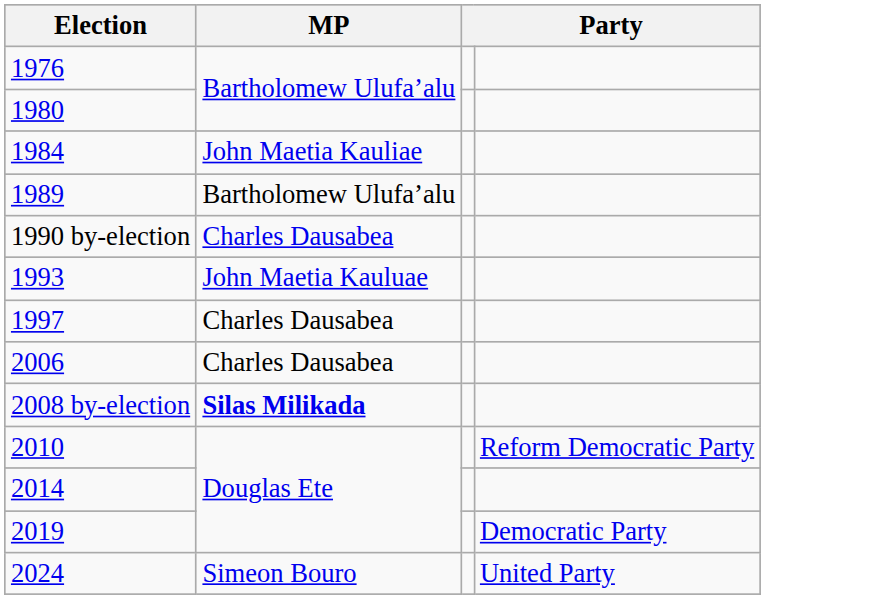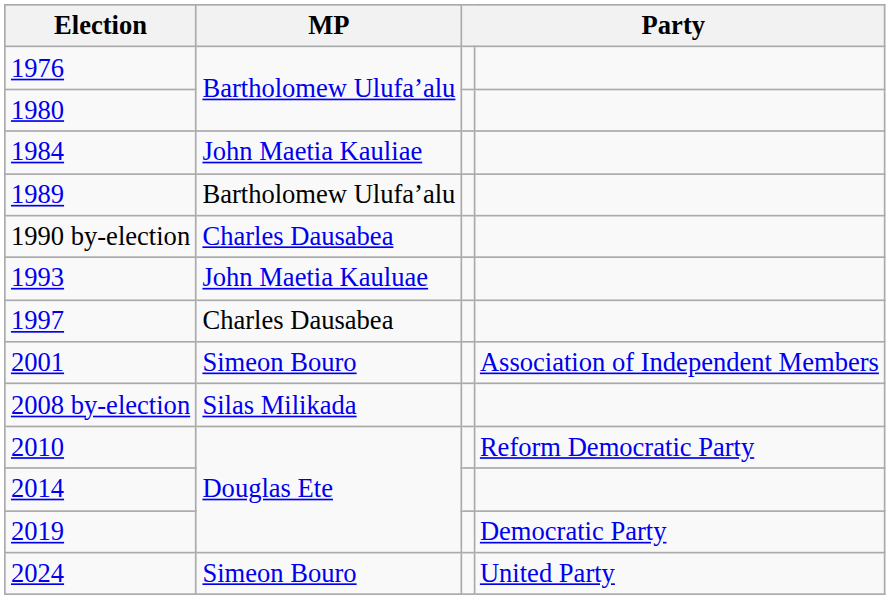 <table class="wikitable sortable">
 <tr>
 <th>Election</th>
 <th>MP</th>
 <th colspan=2>Party</th>
 </tr>
 <tr>
 <td><a href='#'>1976</a></td>
 <td rowspan="2"><a href='#'>Bartholomew Ulufa’alu</a></td>
 <td></td>
 <td></td>
 </tr>
 <tr>
 <td><a href='#'>1980</a></td>
 <td></td>
 <td></td>
 </tr>
 <tr>
 <td><a href='#'>1984</a></td>
 <td><a href='#'>John Maetia Kauliae</a></td>
 <td></td>
 <td></td>
 </tr>
 <tr>
 <td><a href='#'>1989</a></td>
 <td>Bartholomew Ulufa’alu</td>
 <td></td>
 <td></td>
 </tr>
 <tr>
 <td>1990 by-election</td>
 <td><a href='#'>Charles Dausabea</a></td>
 <td></td>
 <td></td>
 </tr>
 <tr>
 <td><a href='#'>1993</a></td>
 <td><a href='#'>John Maetia Kauluae</a></td>
 <td></td>
 <td></td>
 </tr>
 <tr>
 <td><a href='#'>1997</a></td>
 <td>Charles Dausabea</td>
 <td></td>
 <td></td>
 </tr>
 <tr>
-<td><a href='#'>2006</a></td>
-<td>Charles Dausabea</td>
+<td><a href='#'>2001</a></td>
+<td><a href='#'>Simeon Bouro</a></td>
 <td></td>
-<td></td>
+<td><a href='#'>Association of Independent Members</a></td>
 </tr>
 <tr>
 <td><a href='#'>2008 by-election</a></td>
-<td><strong><a href='#'>Silas Milikada</a></strong></td>
+<td><a href='#'>Silas Milikada</a></td>
 <td></td>
 <td></td>
 </tr>
 <tr>
 <td><a href='#'>2010</a></td>
 <td rowspan="3"><a href='#'>Douglas Ete</a></td>
 <td></td>
 <td><a href='#'>Reform Democratic Party</a></td>
 </tr>
 <tr>
 <td><a href='#'>2014</a></td>
 <td></td>
 <td></td>
 </tr>
 <tr>
 <td><a href='#'>2019</a></td>
 <td></td>
 <td><a href='#'>Democratic Party</a></td>
 </tr>
 <tr>
 <td><a href='#'>2024</a></td>
 <td><a href='#'>Simeon Bouro</a></td>
 <td></td>
 <td><a href='#'>United Party</a></td>
 </tr>
 </table>
